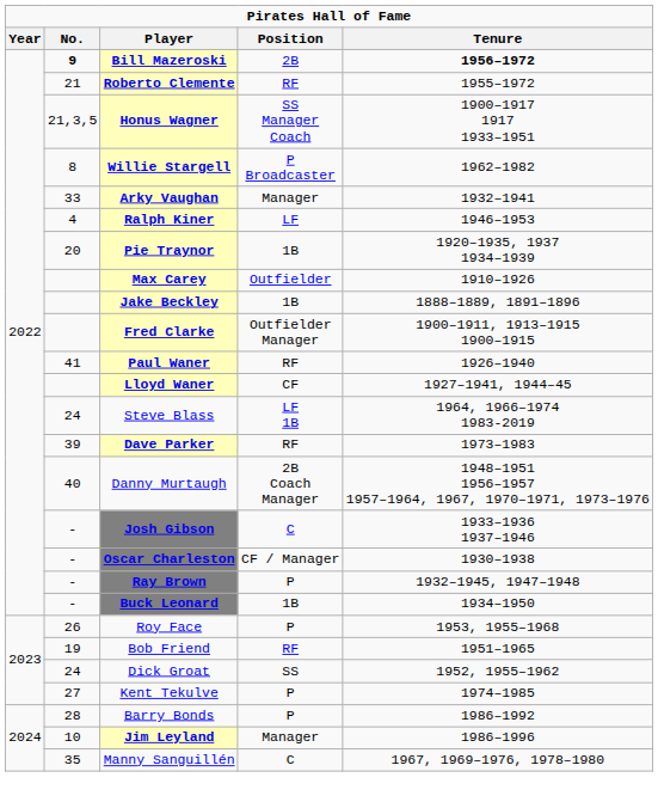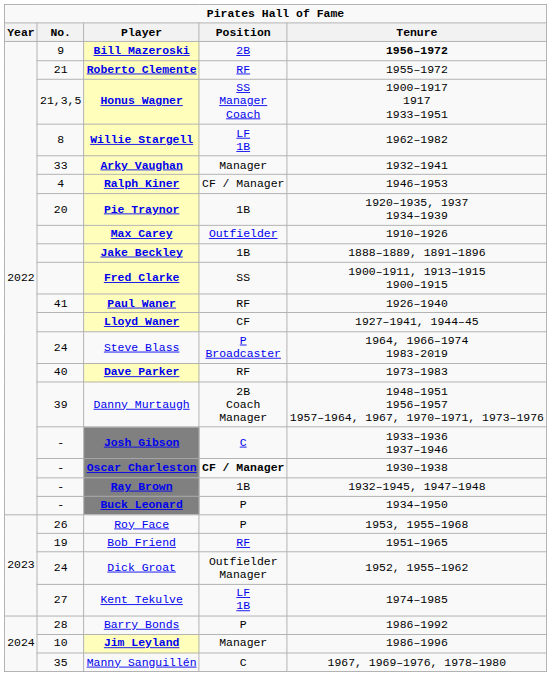 <table class="wikitable" style="text-align:center">
 <tr>
 <td colspan="5"><strong>Pirates Hall of Fame</strong></td>
 </tr>
 <tr>
 <th>Year</th>
 <th>No.</th>
 <th>Player</th>
 <th>Position</th>
 <th>Tenure</th>
 </tr>
 <tr>
 <td rowspan=19>2022</td>
-<td><strong>9</strong></td>
+<td>9</td>
 <td style="background:#ffb;"><strong><a href='#'>Bill Mazeroski</a></strong></td>
 <td><a href='#'>2B</a></td>
 <td><strong>1956–1972</strong></td>
 </tr>
 <tr>
 <td>21</td>
 <td style="background:#ffb;"><strong><a href='#'>Roberto Clemente</a></strong></td>
 <td><a href='#'>RF</a></td>
 <td>1955–1972</td>
 </tr>
 <tr>
 <td>21,3,5</td>
 <td style="background:#ffb;"><strong><a href='#'>Honus Wagner</a></strong></td>
 <td><a href='#'>SS</a><br><a href='#'>Manager</a><br><a href='#'>Coach</a></td>
 <td>1900–1917<br>1917<br>1933–1951</td>
 </tr>
 <tr>
 <td>8</td>
 <td style="background:#ffb;"><strong><a href='#'>Willie Stargell</a></strong></td>
-<td><a href='#'>P</a><br><a href='#'>Broadcaster</a></td>
+<td><a href='#'>LF</a><br><a href='#'>1B</a></td>
 <td>1962–1982</td>
 </tr>
 <tr>
 <td>33</td>
 <td style="background:#ffb;"><strong><a href='#'>Arky Vaughan</a></strong></td>
 <td>Manager</td>
 <td>1932–1941</td>
 </tr>
 <tr>
 <td>4</td>
 <td style="background:#ffb;"><strong><a href='#'>Ralph Kiner</a></strong></td>
-<td><a href='#'>LF</a></td>
+<td>CF / Manager</td>
 <td>1946–1953</td>
 </tr>
 <tr>
 <td>20</td>
 <td style="background:#ffb;"><strong><a href='#'>Pie Traynor</a></strong></td>
 <td>1B</td>
 <td>1920–1935, 1937<br>1934–1939</td>
 </tr>
 <tr>
 <td></td>
 <td style="background:#ffb;"><strong><a href='#'>Max Carey</a></strong></td>
 <td><a href='#'>Outfielder</a></td>
 <td>1910–1926</td>
 </tr>
 <tr>
 <td></td>
 <td style="background:#ffb;"><strong><a href='#'>Jake Beckley</a></strong></td>
 <td>1B</td>
 <td>1888–1889, 1891–1896</td>
 </tr>
 <tr>
 <td></td>
 <td style="background:#ffb;"><strong><a href='#'>Fred Clarke</a></strong></td>
-<td>Outfielder<br>Manager</td>
+<td>SS</td>
 <td>1900–1911, 1913–1915<br>1900–1915</td>
 </tr>
 <tr>
 <td>41</td>
 <td style="background:#ffb;"><strong><a href='#'>Paul Waner</a></strong></td>
 <td>RF</td>
 <td>1926–1940</td>
 </tr>
 <tr>
 <td></td>
 <td style="background:#ffb;"><strong><a href='#'>Lloyd Waner</a></strong></td>
 <td>CF</td>
 <td>1927–1941, 1944–45</td>
 </tr>
 <tr>
 <td>24</td>
 <td><a href='#'>Steve Blass</a></td>
-<td><a href='#'>LF</a><br><a href='#'>1B</a></td>
+<td><a href='#'>P</a><br><a href='#'>Broadcaster</a></td>
 <td>1964, 1966–1974<br>1983-2019</td>
 </tr>
 <tr>
-<td>39</td>
+<td>40</td>
 <td style="background:#ffb;"><strong><a href='#'>Dave Parker</a></strong></td>
 <td>RF</td>
 <td>1973–1983</td>
 </tr>
 <tr>
-<td>40</td>
+<td>39</td>
 <td><a href='#'>Danny Murtaugh</a></td>
 <td>2B<br>Coach<br>Manager</td>
 <td>1948–1951<br>1956–1957<br>1957–1964, 1967, 1970–1971, 1973–1976</td>
 </tr>
 <tr>
 <td>-</td>
 <td style="background:#808080;"><strong><a href='#'>Josh Gibson</a></strong></td>
 <td><a href='#'>C</a></td>
 <td>1933–1936<br>1937–1946</td>
 </tr>
 <tr>
 <td>-</td>
 <td style="background:#808080;"><strong><a href='#'>Oscar Charleston</a></strong></td>
-<td>CF / Manager</td>
+<td><strong>CF / Manager</strong></td>
 <td>1930–1938</td>
 </tr>
 <tr>
 <td>-</td>
 <td style="background:#808080;"><strong><a href='#'>Ray Brown</a></strong></td>
-<td>P</td>
+<td>1B</td>
 <td>1932–1945, 1947–1948</td>
 </tr>
 <tr>
 <td>-</td>
 <td style="background:#808080;"><strong><a href='#'>Buck Leonard</a></strong></td>
-<td>1B</td>
+<td>P</td>
 <td>1934–1950</td>
 </tr>
 <tr>
 <td rowspan=4>2023</td>
 <td>26</td>
 <td><a href='#'>Roy Face</a></td>
 <td>P</td>
 <td>1953, 1955–1968</td>
 </tr>
 <tr>
 <td>19</td>
 <td><a href='#'>Bob Friend</a></td>
 <td><a href='#'>RF</a></td>
 <td>1951–1965</td>
 </tr>
 <tr>
 <td>24</td>
 <td><a href='#'>Dick Groat</a></td>
-<td>SS</td>
+<td>Outfielder<br>Manager</td>
 <td>1952, 1955–1962</td>
 </tr>
 <tr>
 <td>27</td>
 <td><a href='#'>Kent Tekulve</a></td>
-<td>P</td>
+<td><a href='#'>LF</a><br><a href='#'>1B</a></td>
 <td>1974–1985</td>
 </tr>
 <tr>
 <td rowspan=3>2024</td>
 <td>28</td>
 <td><a href='#'>Barry Bonds</a></td>
 <td>P</td>
 <td>1986–1992</td>
 </tr>
 <tr>
 <td>10</td>
 <td style="background:#ffb;"><strong><a href='#'>Jim Leyland</a></strong></td>
 <td>Manager</td>
 <td>1986–1996</td>
 </tr>
 <tr>
 <td>35</td>
 <td><a href='#'>Manny Sanguillén</a></td>
 <td>C</td>
 <td>1967, 1969–1976, 1978–1980</td>
 </tr>
 </table>
